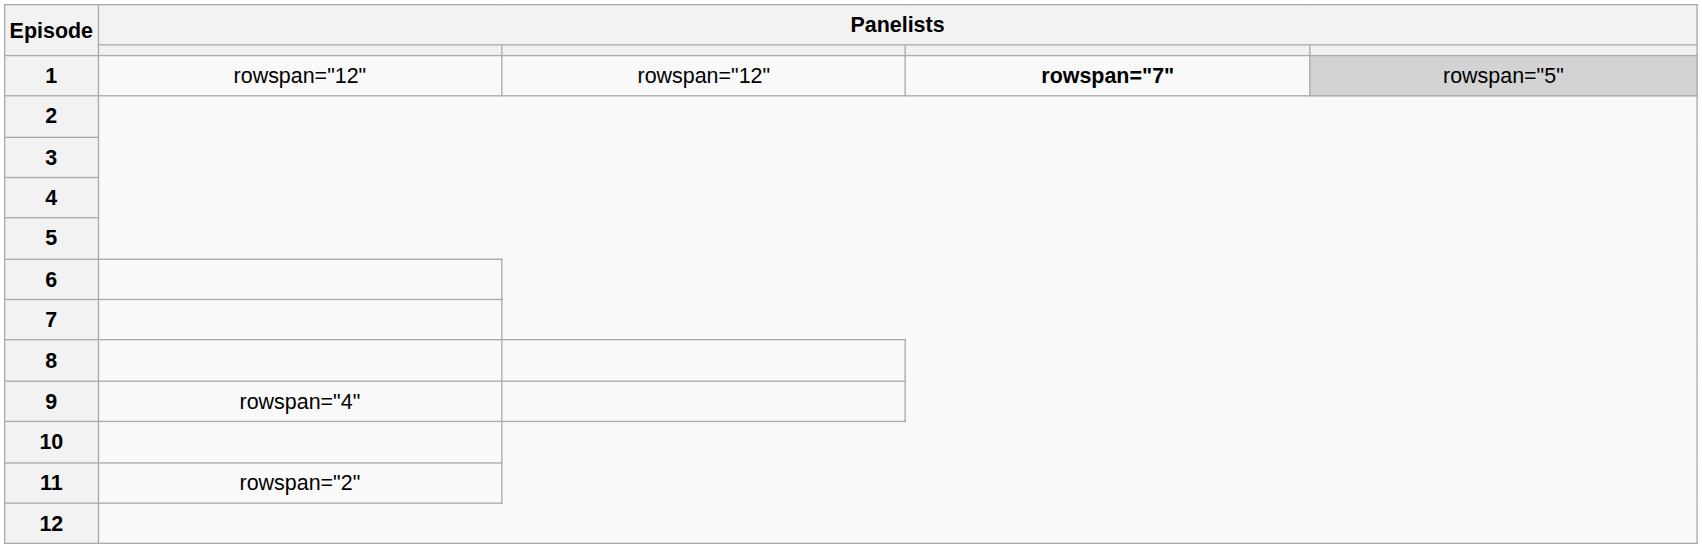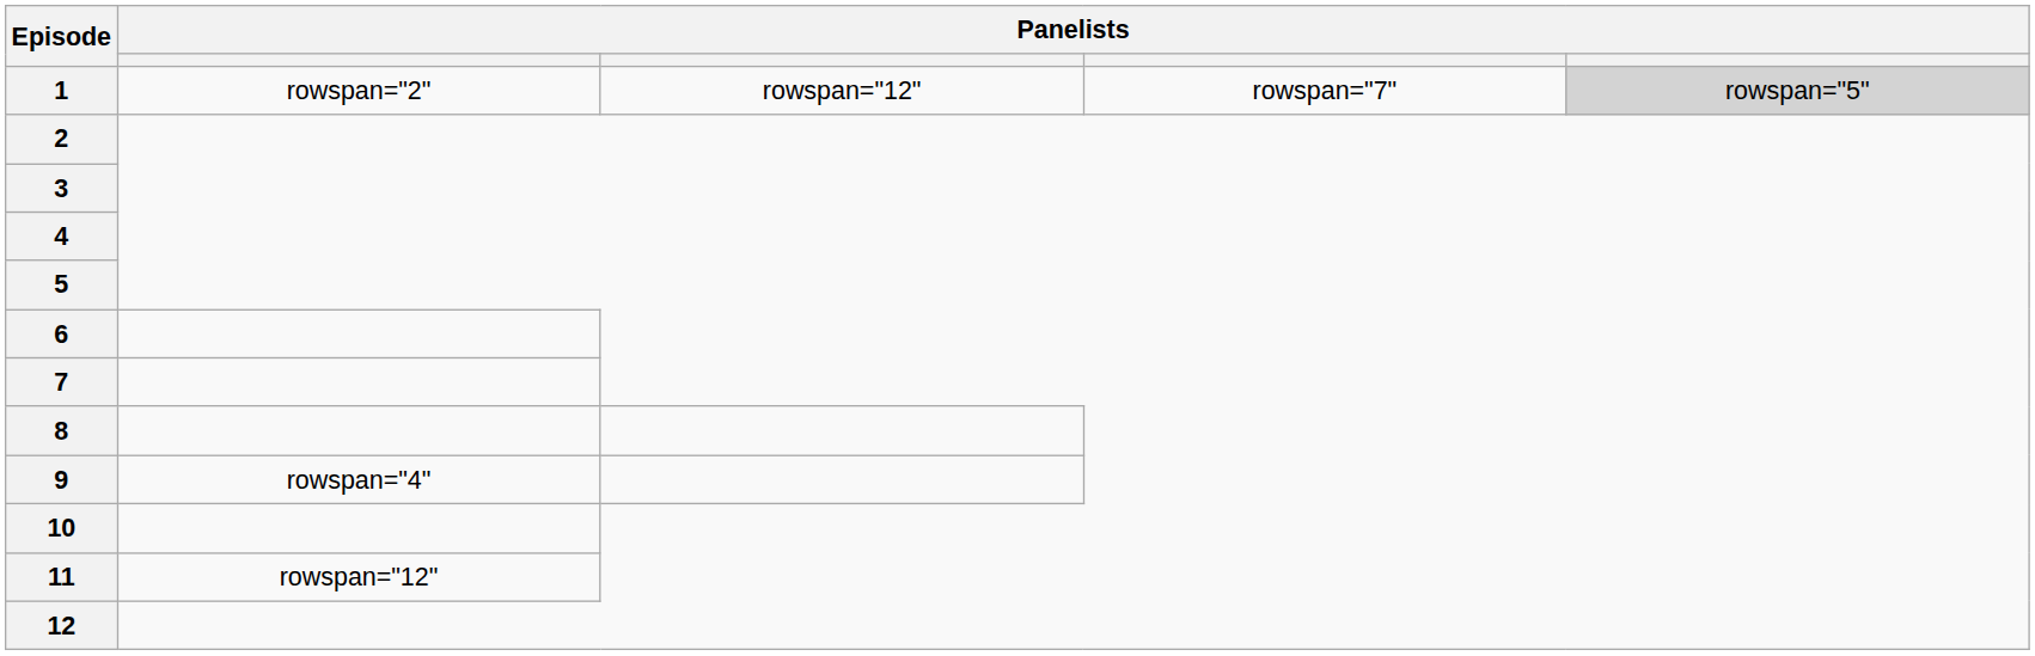 <table class="wikitable plainrowheaders mw-collapsible" style="text-align:center; line-height:23px; width:100%;">
 <tr>
 <th rowspan="2" width="1%">Episode</th>
 <th colspan="4">Panelists</th>
 </tr>
 <tr>
 <th width="25%"></th>
 <th width="25%"></th>
 <th width="25%"></th>
 <th width="25%"></th>
 </tr>
 <tr>
 <th>1</th>
+<td>rowspan="2"</td>
 <td>rowspan="12" </td>
-<td>rowspan="12" </td>
-<td><strong>rowspan="7" </strong></td>
+<td>rowspan="7" </td>
 <td style="background: lightgrey;">rowspan="5" </td>
 </tr>
 <tr>
 <th>2</th>
 </tr>
 <tr>
 <th>3</th>
 </tr>
 <tr>
 <th>4</th>
 </tr>
 <tr>
 <th>5</th>
 </tr>
 <tr>
 <th>6</th>
 <td></td>
 </tr>
 <tr>
 <th>7</th>
 <td></td>
 </tr>
 <tr>
 <th>8</th>
 <td></td>
 <td></td>
 </tr>
 <tr>
 <th>9</th>
 <td>rowspan="4"</td>
 <td></td>
 </tr>
 <tr>
 <th>10</th>
 <td></td>
 </tr>
 <tr>
 <th>11</th>
-<td>rowspan="2"</td>
+<td>rowspan="12" </td>
 </tr>
 <tr>
 <th>12</th>
 </tr>
 </table>
